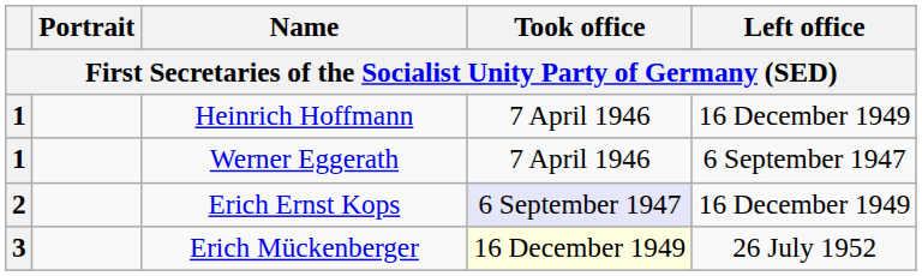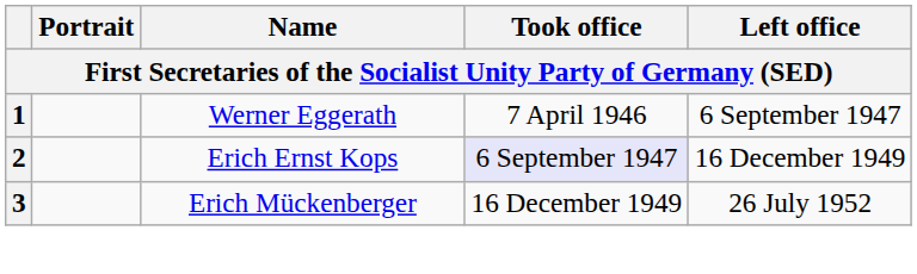 <table class="wikitable" style="text-align:center">
 <tr>
 <th></th>
 <th>Portrait</th>
 <th width=180>Name<br></th>
 <th>Took office</th>
 <th>Left office</th>
 </tr>
 <tr>
 <th colspan=5>First Secretaries of the <a href='#'>Socialist Unity Party of Germany</a> (SED)</th>
-</tr>
-<tr>
-<th style="background:">1</th>
-<td></td>
-<td><a href='#'>Heinrich Hoffmann</a><br></td>
-<td>7 April 1946</td>
-<td>16 December 1949</td>
 </tr>
 <tr>
 <th style="background:">1</th>
 <td></td>
 <td><a href='#'>Werner Eggerath</a><br></td>
 <td>7 April 1946</td>
 <td>6 September 1947</td>
 </tr>
 <tr>
 <th style="background:">2</th>
 <td></td>
 <td><a href='#'>Erich Ernst Kops</a><br></td>
 <td style="background: lavender;">6 September 1947</td>
 <td>16 December 1949</td>
 </tr>
 <tr>
 <th style="background:">3</th>
 <td></td>
 <td><a href='#'>Erich Mückenberger</a><br></td>
-<td style="background: lightyellow;">16 December 1949</td>
+<td>16 December 1949</td>
 <td>26 July 1952</td>
 </tr>
 </table>
